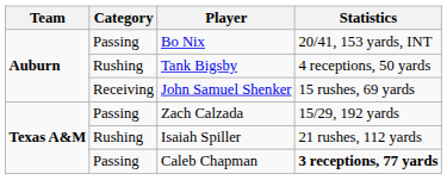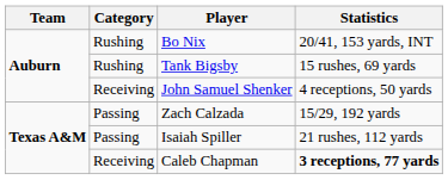 <table class="wikitable" style="float: right;">
 <tr>
 <th>Team</th>
 <th>Category</th>
 <th>Player</th>
 <th>Statistics</th>
 </tr>
 <tr>
 <td rowspan=3><strong>Auburn</strong></td>
-<td>Passing</td>
+<td>Rushing</td>
 <td><a href='#'>Bo Nix</a></td>
 <td>20/41, 153 yards, INT</td>
 </tr>
 <tr>
 <td>Rushing</td>
 <td><a href='#'>Tank Bigsby</a></td>
-<td>4 receptions, 50 yards</td>
+<td>15 rushes, 69 yards</td>
 </tr>
 <tr>
 <td>Receiving</td>
 <td><a href='#'>John Samuel Shenker</a></td>
-<td>15 rushes, 69 yards</td>
+<td>4 receptions, 50 yards</td>
 </tr>
 <tr>
 <td rowspan=3><strong>Texas A&M</strong></td>
 <td>Passing</td>
 <td>Zach Calzada</td>
 <td>15/29, 192 yards</td>
 </tr>
 <tr>
-<td>Rushing</td>
+<td>Passing</td>
 <td>Isaiah Spiller</td>
 <td>21 rushes, 112 yards</td>
 </tr>
 <tr>
-<td>Passing</td>
+<td>Receiving</td>
 <td>Caleb Chapman</td>
 <td><strong>3 receptions, 77 yards</strong></td>
 </tr>
 </table>
